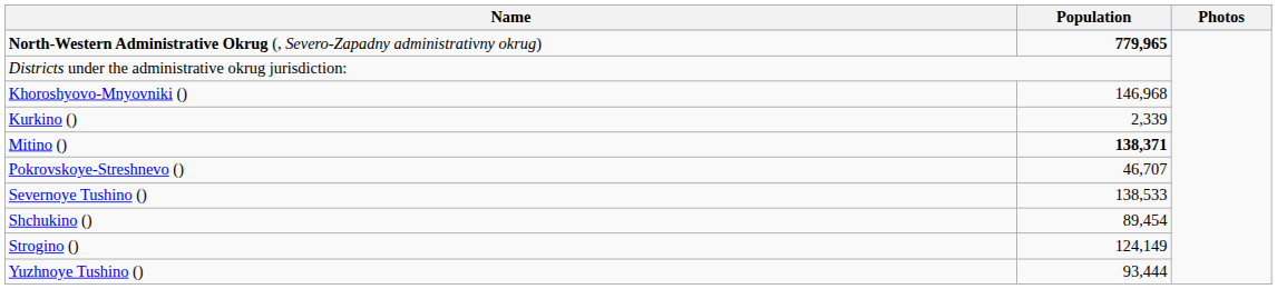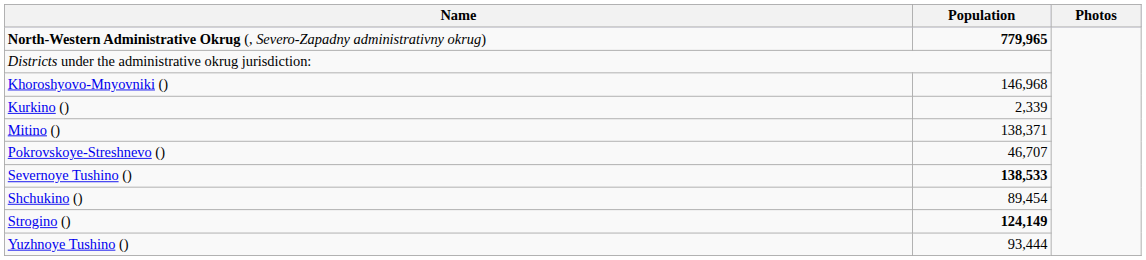 <table width=100% class="wikitable">
 <tr bgcolor="#CCCCFF" align="left">
 <th>Name</th>
 <th>Population</th>
 <th>Photos</th>
 </tr>
 <tr>
 <td><strong>North-Western Administrative Okrug</strong> (, <em>Severo-Zapadny administrativny okrug</em>)</td>
 <td align="right"><strong>779,965</strong></td>
 <td rowspan=10></td>
 </tr>
 <tr>
 <td colspan=2><em>Districts</em> under the administrative okrug jurisdiction:</td>
 </tr>
 <tr>
 <td><a href='#'>Khoroshyovo-Mnyovniki</a> ()</td>
 <td align="right">146,968</td>
 </tr>
 <tr>
 <td><a href='#'>Kurkino</a> ()</td>
 <td align="right">2,339</td>
 </tr>
 <tr>
 <td><a href='#'>Mitino</a> ()</td>
-<td align="right"><strong>138,371</strong></td>
+<td align="right">138,371</td>
 </tr>
 <tr>
 <td><a href='#'>Pokrovskoye-Streshnevo</a> ()</td>
 <td align="right">46,707</td>
 </tr>
 <tr>
 <td><a href='#'>Severnoye Tushino</a> ()</td>
-<td align="right">138,533</td>
+<td align="right"><strong>138,533</strong></td>
 </tr>
 <tr>
 <td><a href='#'>Shchukino</a> ()</td>
 <td align="right">89,454</td>
 </tr>
 <tr>
 <td><a href='#'>Strogino</a> ()</td>
-<td align="right">124,149</td>
+<td align="right"><strong>124,149</strong></td>
 </tr>
 <tr>
 <td><a href='#'>Yuzhnoye Tushino</a> ()</td>
 <td align="right">93,444</td>
 </tr>
 </table>
